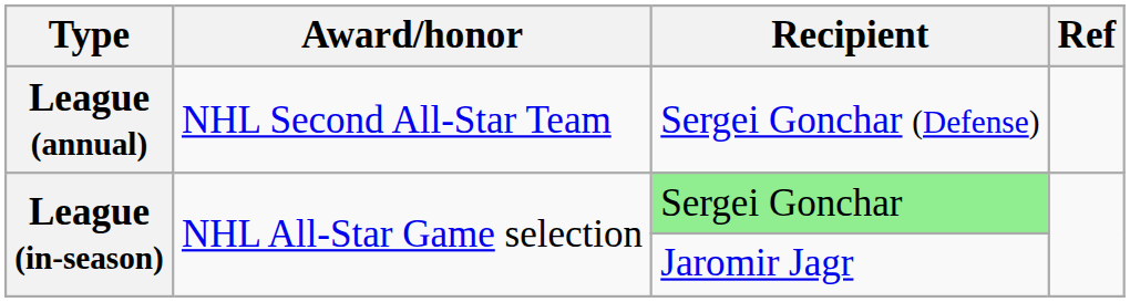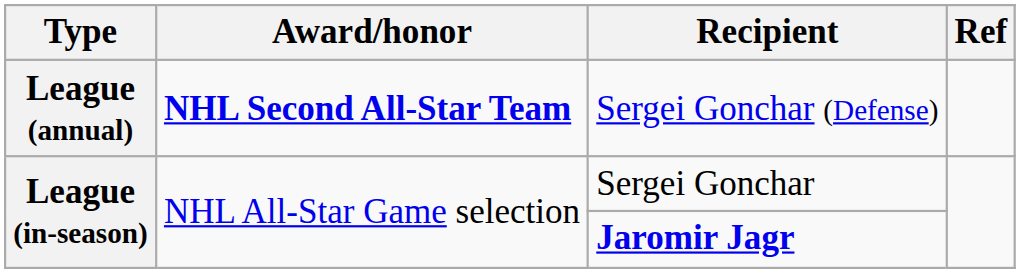 <table class="wikitable">
 <tr>
 <th scope="col">Type</th>
 <th scope="col">Award/honor</th>
 <th scope="col">Recipient</th>
 <th scope="col">Ref</th>
 </tr>
 <tr>
 <th scope="row">League<br><small>(annual)</small></th>
-<td><a href='#'>NHL Second All-Star Team</a></td>
+<td><strong><a href='#'>NHL Second All-Star Team</a></strong></td>
 <td><a href='#'>Sergei Gonchar</a> <small>(<a href='#'>Defense</a>)</small></td>
 <td></td>
 </tr>
 <tr>
 <th scope="row" rowspan="3">League<br><small>(in-season)</small></th>
 <td rowspan="2"><a href='#'>NHL All-Star Game</a> selection</td>
-<td style="background: lightgreen;">Sergei Gonchar</td>
+<td>Sergei Gonchar</td>
 <td rowspan="2"></td>
 </tr>
 <tr>
-<td><a href='#'>Jaromir Jagr</a></td>
+<td><strong><a href='#'>Jaromir Jagr</a></strong></td>
 </tr>
 </table>
